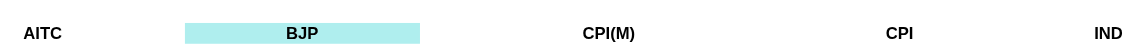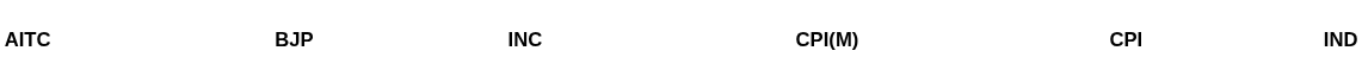 <table style="width:100%; text-align:center;">
 <tr style="color:white;">
 <td style="background:"><strong>134</strong></td>
 <td style="background:"><strong>3</strong></td>
+<td style="background:"><strong>2</strong></td>
 <td style="background:"><strong>1</strong></td>
 <td style="background:"><strong>1</strong></td>
 <td style="background:"><strong>3</strong></td>
 </tr>
 <tr>
 <td><span><strong>AITC</strong></span></td>
-<td style="background: paleturquoise;"><span><strong>BJP</strong></span></td>
+<td><span><strong>BJP</strong></span></td>
+<td><span><strong>INC</strong></span></td>
 <td><span><strong>CPI(M)</strong></span></td>
 <td><span><strong>CPI</strong></span></td>
 <td><span><strong>IND</strong></span></td>
 </tr>
 </table>
